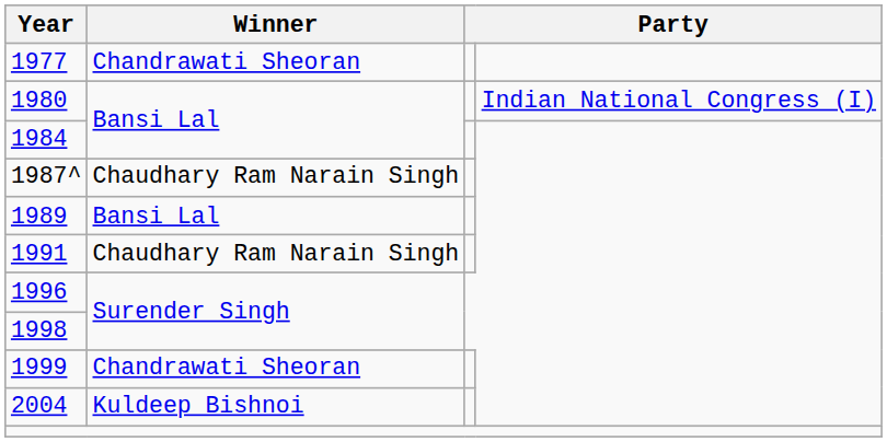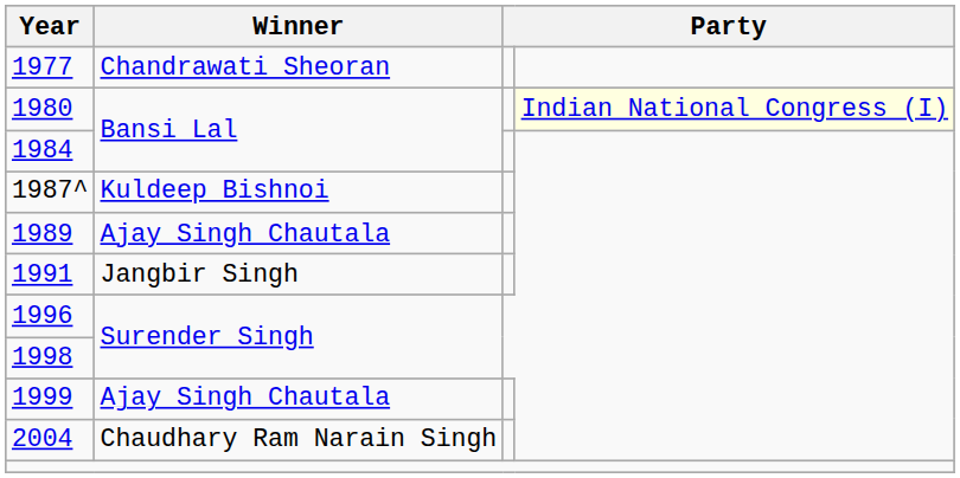 <table class="wikitable">
 <tr>
 <th>Year</th>
 <th>Winner</th>
 <th colspan=2>Party</th>
 </tr>
 <tr>
 <td><a href='#'>1977</a></td>
 <td><a href='#'>Chandrawati Sheoran</a></td>
 <td></td>
 </tr>
 <tr>
 <td><a href='#'>1980</a></td>
 <td rowspan="2"><a href='#'>Bansi Lal</a></td>
 <td style="background-color: "></td>
-<td><a href='#'>Indian National Congress (I)</a></td>
+<td style="background: lightyellow;"><a href='#'>Indian National Congress (I)</a></td>
 </tr>
 <tr>
 <td><a href='#'>1984</a></td>
 <td></td>
 </tr>
 <tr>
 <td>1987^</td>
-<td>Chaudhary Ram Narain Singh</td>
+<td><a href='#'>Kuldeep Bishnoi</a></td>
 <td></td>
 </tr>
 <tr>
 <td><a href='#'>1989</a></td>
-<td><a href='#'>Bansi Lal</a></td>
+<td><a href='#'>Ajay Singh Chautala</a></td>
 <td></td>
 </tr>
 <tr>
 <td><a href='#'>1991</a></td>
-<td>Chaudhary Ram Narain Singh</td>
+<td>Jangbir Singh</td>
 <td></td>
 </tr>
 <tr>
 <td><a href='#'>1996</a></td>
 <td rowspan="2"><a href='#'>Surender Singh</a></td>
 </tr>
 <tr>
 <td><a href='#'>1998</a></td>
 </tr>
 <tr>
 <td><a href='#'>1999</a></td>
-<td><a href='#'>Chandrawati Sheoran</a></td>
+<td><a href='#'>Ajay Singh Chautala</a></td>
 <td></td>
 </tr>
 <tr>
 <td><a href='#'>2004</a></td>
-<td><a href='#'>Kuldeep Bishnoi</a></td>
+<td>Chaudhary Ram Narain Singh</td>
 <td></td>
 </tr>
 <tr>
 <td colspan="4"></td>
 </tr>
 </table>
